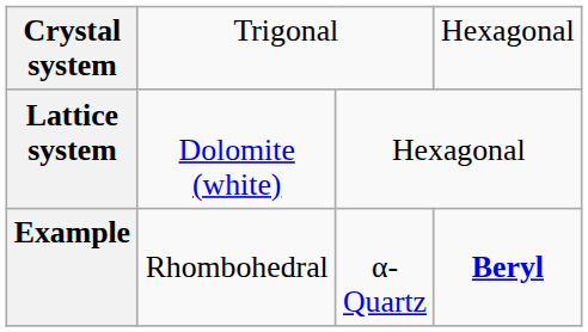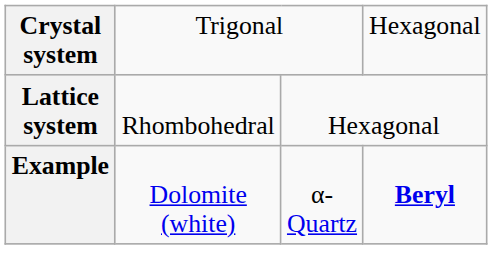 <table class=wikitable align=right width=300>
 <tr valign=top align=center>
 <th>Crystal system</th>
 <td colspan=2>Trigonal</td>
 <td>Hexagonal</td>
 </tr>
 <tr valign=top align=center>
 <th>Lattice system</th>
-<td><br><a href='#'>Dolomite (white)</a></td>
+<td><br>Rhombohedral</td>
 <td colspan=2><br>Hexagonal</td>
 </tr>
 <tr valign=top align=center>
 <th>Example</th>
-<td><br>Rhombohedral</td>
+<td><br><a href='#'>Dolomite (white)</a></td>
 <td><br>α-<a href='#'>Quartz</a></td>
 <td><strong><br><a href='#'>Beryl</a></strong></td>
 </tr>
 </table>
